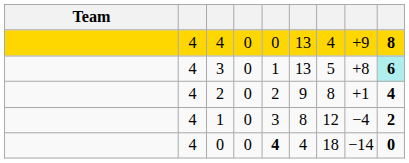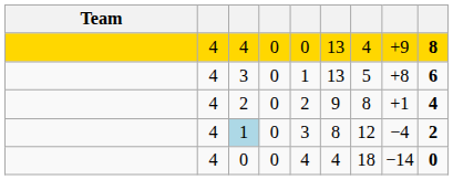 <table class="wikitable" style="text-align:center">
 <tr>
 <th width=165>Team</th>
 <th width=20></th>
 <th width=20></th>
 <th width=20></th>
 <th width=20></th>
 <th width=20></th>
 <th width=20></th>
 <th width=20></th>
 <th width=20></th>
 </tr>
 <tr align=center bgcolor=gold>
 <td align=left></td>
 <td>4</td>
 <td>4</td>
 <td>0</td>
 <td>0</td>
 <td>13</td>
 <td>4</td>
 <td>+9</td>
 <td><strong>8</strong></td>
 </tr>
 <tr align=center>
 <td align=left></td>
 <td>4</td>
 <td>3</td>
 <td>0</td>
 <td>1</td>
 <td>13</td>
 <td>5</td>
 <td>+8</td>
-<td style="background: paleturquoise;"><strong>6</strong></td>
+<td><strong>6</strong></td>
 </tr>
 <tr align=center>
 <td align=left></td>
 <td>4</td>
 <td>2</td>
 <td>0</td>
 <td>2</td>
 <td>9</td>
 <td>8</td>
 <td>+1</td>
 <td><strong>4</strong></td>
 </tr>
 <tr align=center>
 <td align=left></td>
 <td>4</td>
-<td>1</td>
+<td style="background: lightblue;">1</td>
 <td>0</td>
 <td>3</td>
 <td>8</td>
 <td>12</td>
 <td>−4</td>
 <td><strong>2</strong></td>
 </tr>
 <tr align=center>
 <td align=left></td>
 <td>4</td>
 <td>0</td>
 <td>0</td>
-<td><strong>4</strong></td>
+<td>4</td>
 <td>4</td>
 <td>18</td>
 <td>−14</td>
 <td><strong>0</strong></td>
 </tr>
 </table>
